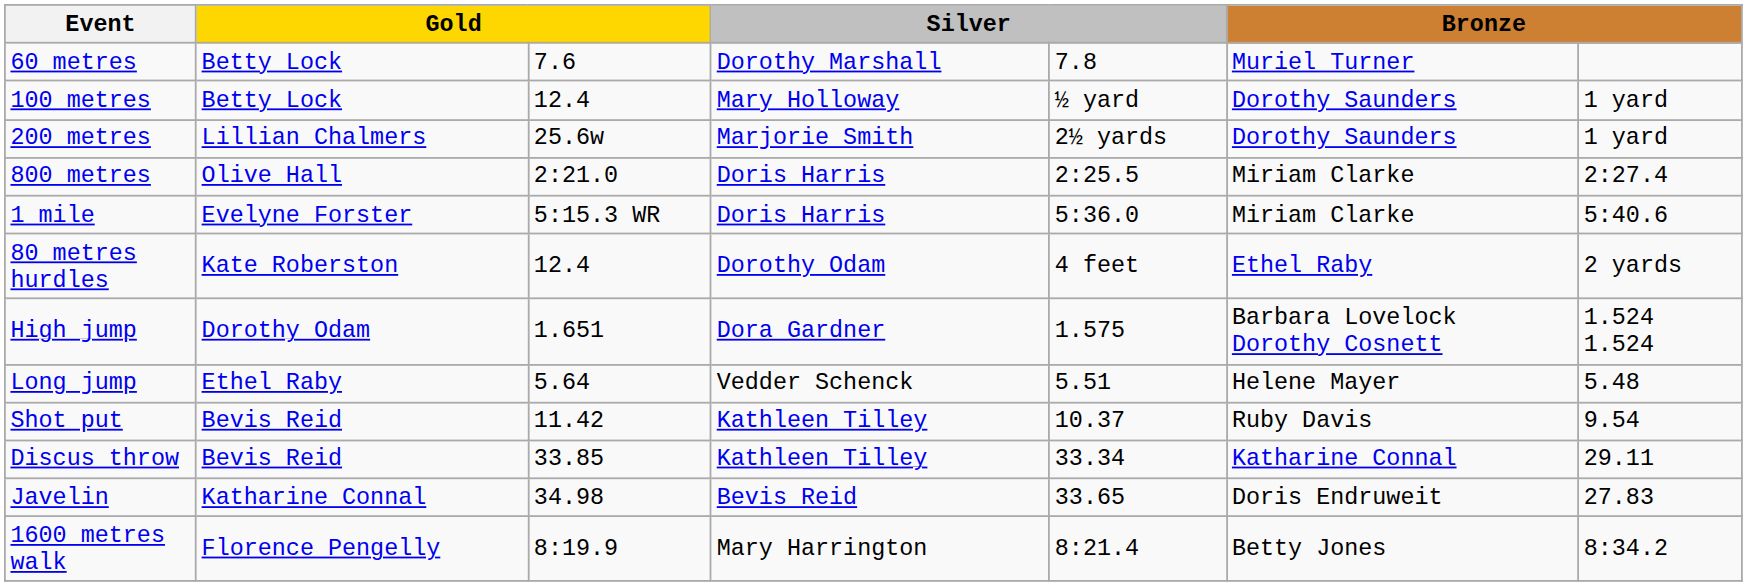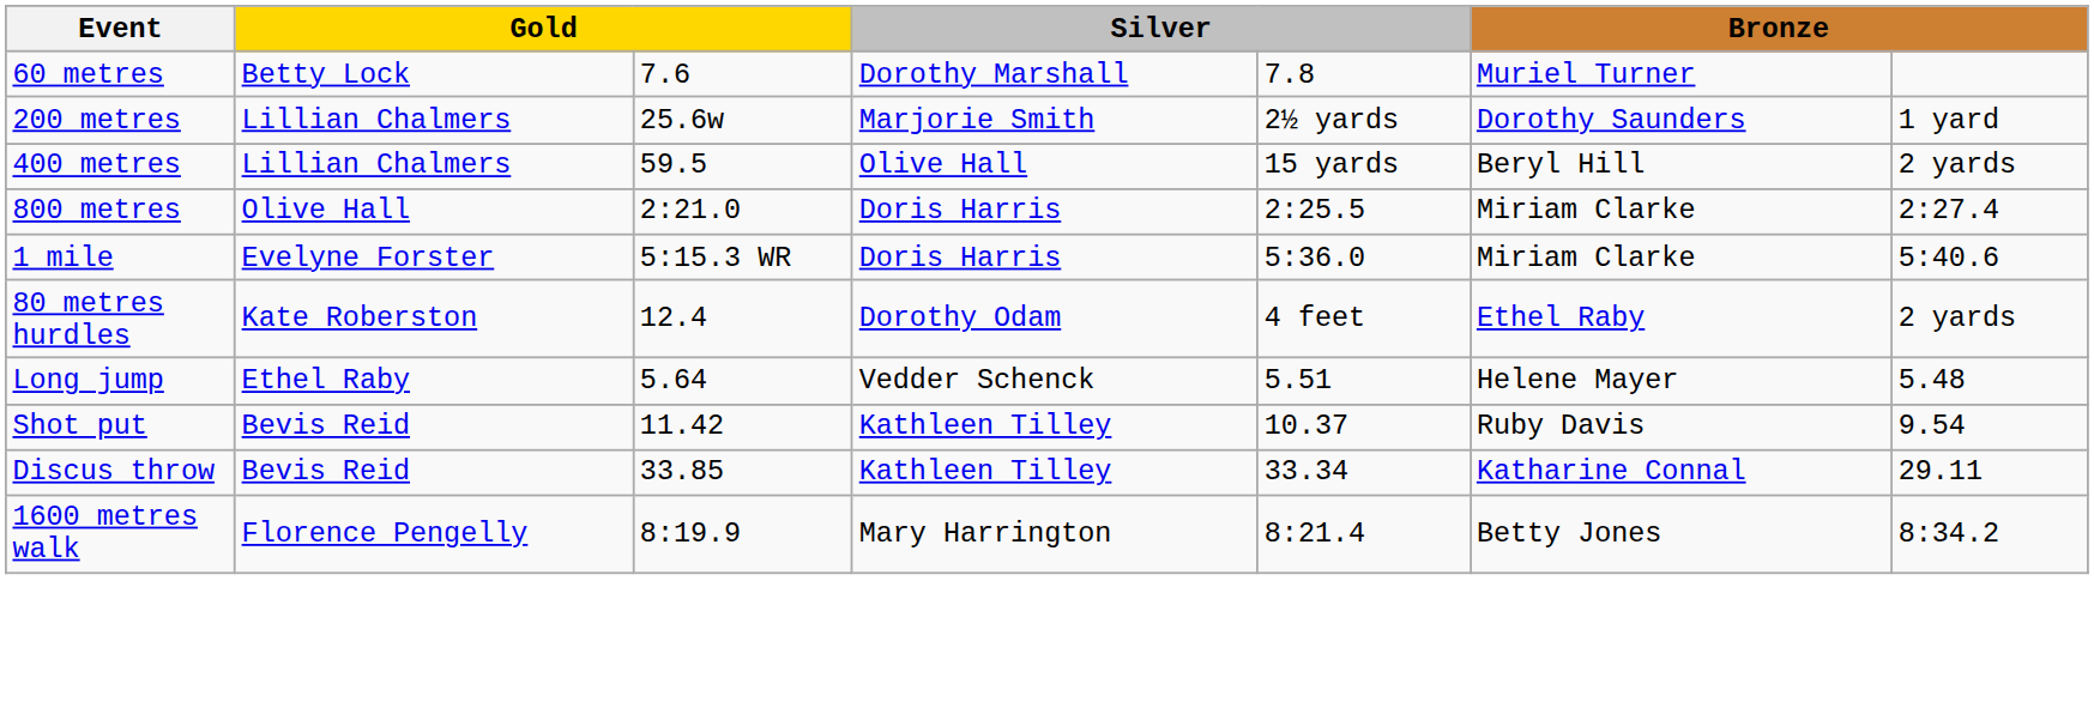 <table class="wikitable" style="text-align:left">
 <tr>
 <th width=100>Event</th>
 <th colspan="2" width="280" style="background:gold;">Gold</th>
 <th colspan="2" width="280" style="background:silver;">Silver</th>
 <th colspan="2" width="280" style="background:#CD7F32;">Bronze</th>
 </tr>
 <tr>
 <td><a href='#'>60 metres</a></td>
 <td><a href='#'>Betty Lock</a></td>
 <td>7.6</td>
 <td><a href='#'>Dorothy Marshall</a></td>
 <td>7.8</td>
 <td><a href='#'>Muriel Turner</a></td>
 <td></td>
 </tr>
 <tr>
-<td><a href='#'>100 metres</a></td>
-<td><a href='#'>Betty Lock</a></td>
-<td>12.4</td>
-<td><a href='#'>Mary Holloway</a></td>
-<td>½ yard</td>
-<td><a href='#'>Dorothy Saunders</a></td>
-<td>1 yard</td>
-</tr>
-<tr>
 <td><a href='#'>200 metres</a></td>
 <td><a href='#'>Lillian Chalmers</a></td>
 <td>25.6w</td>
 <td><a href='#'>Marjorie Smith</a></td>
 <td>2½ yards</td>
 <td><a href='#'>Dorothy Saunders</a></td>
 <td>1 yard</td>
+</tr>
+<tr>
+<td><a href='#'>400 metres</a></td>
+<td><a href='#'>Lillian Chalmers</a></td>
+<td>59.5</td>
+<td><a href='#'>Olive Hall</a></td>
+<td>15 yards</td>
+<td>Beryl Hill</td>
+<td>2 yards</td>
 </tr>
 <tr>
 <td><a href='#'>800 metres</a></td>
 <td><a href='#'>Olive Hall</a></td>
 <td>2:21.0</td>
 <td><a href='#'>Doris Harris</a></td>
 <td>2:25.5</td>
 <td>Miriam Clarke</td>
 <td>2:27.4</td>
 </tr>
 <tr>
 <td><a href='#'>1 mile</a></td>
 <td><a href='#'>Evelyne Forster</a></td>
 <td>5:15.3 WR</td>
 <td><a href='#'>Doris Harris</a></td>
 <td>5:36.0</td>
 <td>Miriam Clarke</td>
 <td>5:40.6</td>
 </tr>
 <tr>
 <td><a href='#'>80 metres hurdles</a></td>
 <td><a href='#'>Kate Roberston</a></td>
 <td>12.4</td>
 <td><a href='#'>Dorothy Odam</a></td>
 <td>4 feet</td>
 <td><a href='#'>Ethel Raby</a></td>
 <td>2 yards</td>
 </tr>
 <tr>
-<td><a href='#'>High jump</a></td>
-<td><a href='#'>Dorothy Odam</a></td>
-<td>1.651</td>
-<td><a href='#'>Dora Gardner</a></td>
-<td>1.575</td>
-<td>Barbara Lovelock<br><a href='#'>Dorothy Cosnett</a></td>
-<td>1.524<br>1.524</td>
-</tr>
-<tr>
 <td><a href='#'>Long jump</a></td>
 <td><a href='#'>Ethel Raby</a></td>
 <td>5.64</td>
 <td>Vedder Schenck</td>
 <td>5.51</td>
 <td>Helene Mayer</td>
 <td>5.48</td>
 </tr>
 <tr>
 <td><a href='#'>Shot put</a></td>
 <td><a href='#'>Bevis Reid</a></td>
 <td>11.42</td>
 <td><a href='#'>Kathleen Tilley</a></td>
 <td>10.37</td>
 <td>Ruby Davis</td>
 <td>9.54</td>
 </tr>
 <tr>
 <td><a href='#'>Discus throw</a></td>
 <td><a href='#'>Bevis Reid</a></td>
 <td>33.85</td>
 <td><a href='#'>Kathleen Tilley</a></td>
 <td>33.34</td>
 <td><a href='#'>Katharine Connal</a></td>
 <td>29.11</td>
 </tr>
 <tr>
-<td><a href='#'>Javelin</a></td>
-<td><a href='#'>Katharine Connal</a></td>
-<td>34.98</td>
-<td><a href='#'>Bevis Reid</a></td>
-<td>33.65</td>
-<td>Doris Endruweit</td>
-<td>27.83</td>
-</tr>
-<tr>
 <td><a href='#'>1600 metres walk</a></td>
 <td><a href='#'>Florence Pengelly</a></td>
 <td>8:19.9</td>
 <td>Mary Harrington</td>
 <td>8:21.4</td>
 <td>Betty Jones</td>
 <td>8:34.2</td>
 </tr>
 </table>
